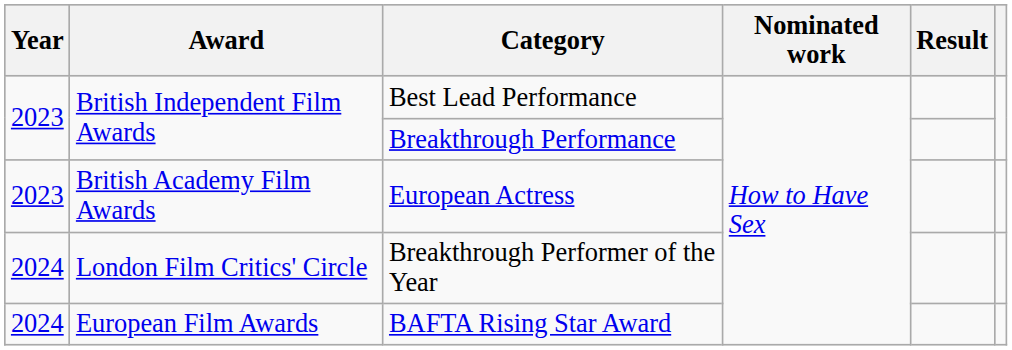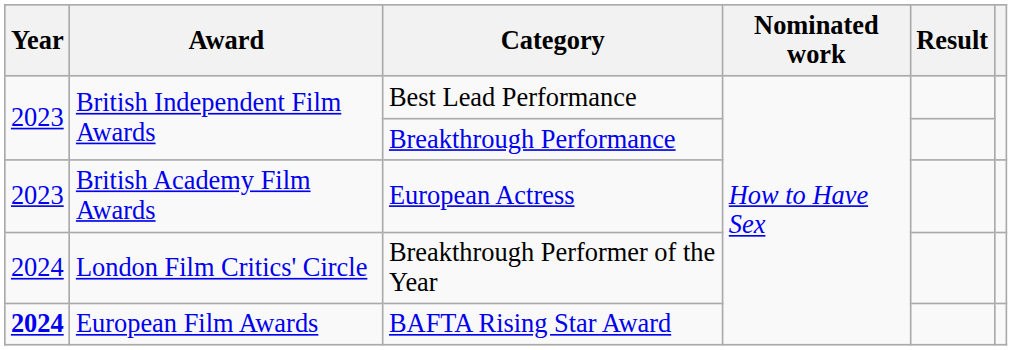 <table class="wikitable sortable plainrowheaders">
 <tr>
 <th scope="col">Year</th>
 <th scope="col">Award</th>
 <th scope="col">Category</th>
 <th scope="col">Nominated work</th>
 <th scope="col">Result</th>
 <th scope="col" class="unsortable"></th>
 </tr>
 <tr>
 <td rowspan="2"><a href='#'>2023</a></td>
 <td rowspan="2"><a href='#'>British Independent Film Awards</a></td>
 <td>Best Lead Performance</td>
 <td rowspan="5"><em><a href='#'>How to Have Sex</a></em></td>
 <td></td>
 <td align="center" rowspan="2"></td>
 </tr>
 <tr>
 <td><a href='#'>Breakthrough Performance</a></td>
 <td></td>
 </tr>
 <tr>
 <td><a href='#'>2023</a></td>
 <td><a href='#'>British Academy Film Awards</a></td>
 <td><a href='#'>European Actress</a></td>
 <td></td>
 <td align="center"></td>
 </tr>
 <tr>
 <td><a href='#'>2024</a></td>
 <td><a href='#'>London Film Critics' Circle</a></td>
 <td>Breakthrough Performer of the Year</td>
 <td></td>
 <td align="center"></td>
 </tr>
 <tr>
-<td><a href='#'>2024</a></td>
+<td><strong><a href='#'>2024</a></strong></td>
 <td><a href='#'>European Film Awards</a></td>
 <td><a href='#'>BAFTA Rising Star Award</a></td>
 <td></td>
 <td align="center"></td>
 </tr>
 </table>
